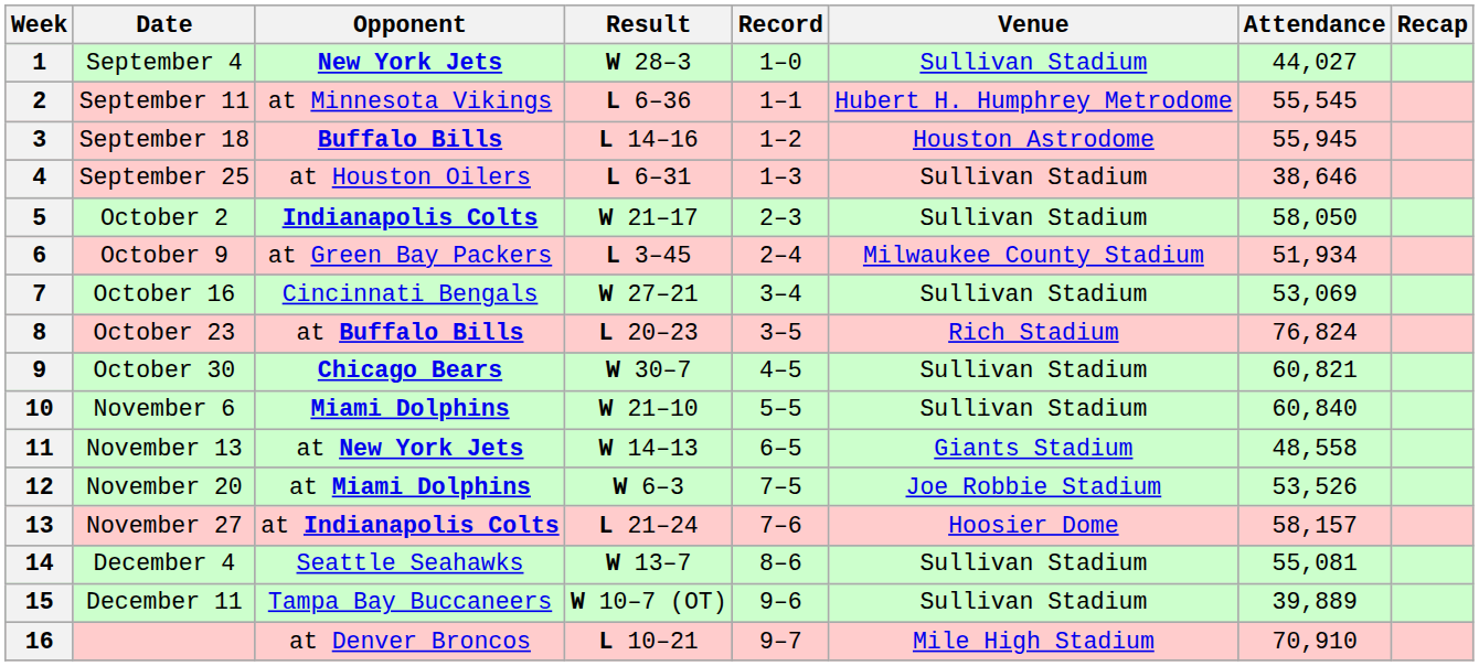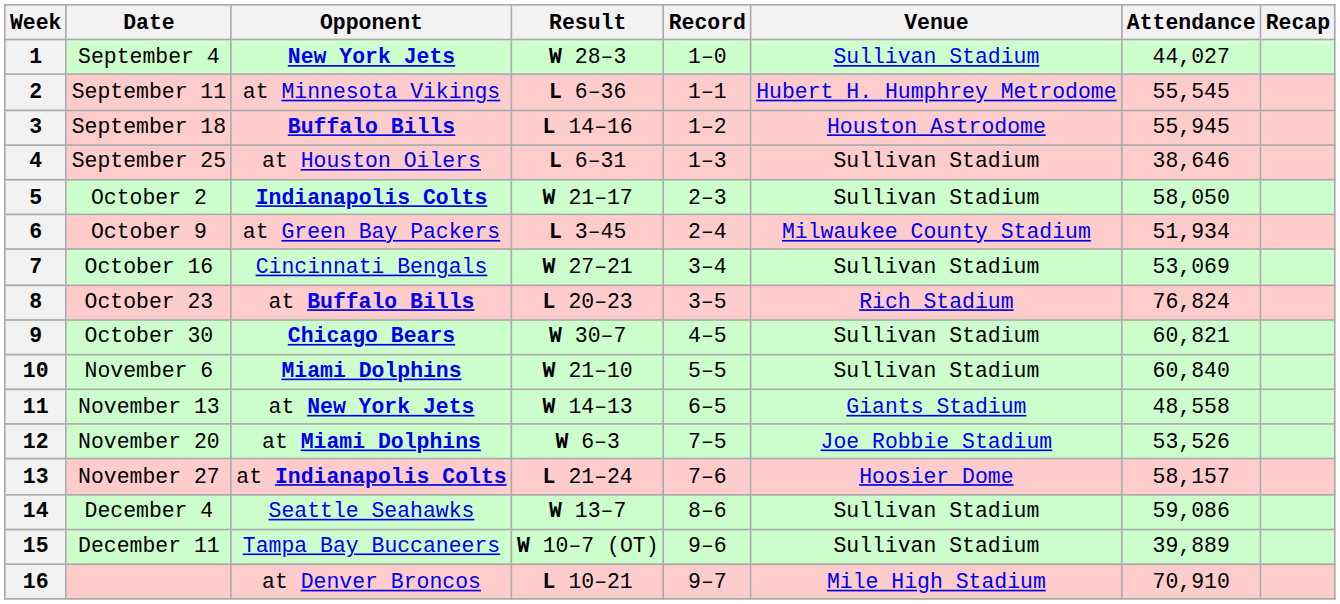 <table class="wikitable" style="text-align:center">
 <tr>
 <th>Week</th>
 <th>Date</th>
 <th>Opponent</th>
 <th>Result</th>
 <th>Record</th>
 <th>Venue</th>
 <th>Attendance</th>
 <th>Recap</th>
 </tr>
 <tr style="background: #cfc;">
 <th>1</th>
 <td>September 4</td>
 <td><strong><a href='#'>New York Jets</a></strong></td>
 <td><strong>W</strong> 28–3</td>
 <td>1–0</td>
 <td><a href='#'>Sullivan Stadium</a></td>
 <td>44,027</td>
 <td></td>
 </tr>
 <tr style="background: #fcc;">
 <th>2</th>
 <td>September 11</td>
 <td>at <a href='#'>Minnesota Vikings</a></td>
 <td><strong>L</strong> 6–36</td>
 <td>1–1</td>
 <td><a href='#'>Hubert H. Humphrey Metrodome</a></td>
 <td>55,545</td>
 <td></td>
 </tr>
 <tr style="background: #fcc;">
 <th>3</th>
 <td>September 18</td>
 <td><strong><a href='#'>Buffalo Bills</a></strong></td>
 <td><strong>L</strong> 14–16</td>
 <td>1–2</td>
 <td><a href='#'>Houston Astrodome</a></td>
 <td>55,945</td>
 <td></td>
 </tr>
 <tr style="background: #fcc;">
 <th>4</th>
 <td>September 25</td>
 <td>at <a href='#'>Houston Oilers</a></td>
 <td><strong>L</strong> 6–31</td>
 <td>1–3</td>
 <td>Sullivan Stadium</td>
 <td>38,646</td>
 <td></td>
 </tr>
 <tr style="background: #cfc;">
 <th>5</th>
 <td>October 2</td>
 <td><strong><a href='#'>Indianapolis Colts</a></strong></td>
 <td><strong>W</strong> 21–17</td>
 <td>2–3</td>
 <td>Sullivan Stadium</td>
 <td>58,050</td>
 <td></td>
 </tr>
 <tr style="background: #fcc;">
 <th>6</th>
 <td>October 9</td>
 <td>at <a href='#'>Green Bay Packers</a></td>
 <td><strong>L</strong> 3–45</td>
 <td>2–4</td>
 <td><a href='#'>Milwaukee County Stadium</a></td>
 <td>51,934</td>
 <td></td>
 </tr>
 <tr style="background: #cfc;">
 <th>7</th>
 <td>October 16</td>
 <td><a href='#'>Cincinnati Bengals</a></td>
 <td><strong>W</strong> 27–21</td>
 <td>3–4</td>
 <td>Sullivan Stadium</td>
 <td>53,069</td>
 <td></td>
 </tr>
 <tr style="background: #fcc;">
 <th>8</th>
 <td>October 23</td>
 <td>at <strong><a href='#'>Buffalo Bills</a></strong></td>
 <td><strong>L</strong> 20–23</td>
 <td>3–5</td>
 <td><a href='#'>Rich Stadium</a></td>
 <td>76,824</td>
 <td></td>
 </tr>
 <tr style="background: #cfc;">
 <th>9</th>
 <td>October 30</td>
 <td><strong><a href='#'>Chicago Bears</a></strong></td>
 <td><strong>W</strong> 30–7</td>
 <td>4–5</td>
 <td>Sullivan Stadium</td>
 <td>60,821</td>
 <td></td>
 </tr>
 <tr style="background: #cfc;">
 <th>10</th>
 <td>November 6</td>
 <td><strong><a href='#'>Miami Dolphins</a></strong></td>
 <td><strong>W</strong> 21–10</td>
 <td>5–5</td>
 <td>Sullivan Stadium</td>
 <td>60,840</td>
 <td></td>
 </tr>
 <tr style="background: #cfc;">
 <th>11</th>
 <td>November 13</td>
 <td>at <strong><a href='#'>New York Jets</a></strong></td>
 <td><strong>W</strong> 14–13</td>
 <td>6–5</td>
 <td><a href='#'>Giants Stadium</a></td>
 <td>48,558</td>
 <td></td>
 </tr>
 <tr style="background: #cfc;">
 <th>12</th>
 <td>November 20</td>
 <td>at <strong><a href='#'>Miami Dolphins</a></strong></td>
 <td><strong>W</strong> 6–3</td>
 <td>7–5</td>
 <td><a href='#'>Joe Robbie Stadium</a></td>
 <td>53,526</td>
 <td></td>
 </tr>
 <tr style="background: #fcc;">
 <th>13</th>
 <td>November 27</td>
 <td>at <strong><a href='#'>Indianapolis Colts</a></strong></td>
 <td><strong>L</strong> 21–24</td>
 <td>7–6</td>
 <td><a href='#'>Hoosier Dome</a></td>
 <td>58,157</td>
 <td></td>
 </tr>
 <tr style="background: #cfc;">
 <th>14</th>
 <td>December 4</td>
 <td><a href='#'>Seattle Seahawks</a></td>
 <td><strong>W</strong> 13–7</td>
 <td>8–6</td>
 <td>Sullivan Stadium</td>
-<td>55,081</td>
+<td>59,086</td>
 <td></td>
 </tr>
 <tr style="background: #cfc;">
 <th>15</th>
 <td>December 11</td>
 <td><a href='#'>Tampa Bay Buccaneers</a></td>
 <td><strong>W</strong> 10–7 (OT)</td>
 <td>9–6</td>
 <td>Sullivan Stadium</td>
 <td>39,889</td>
 <td></td>
 </tr>
 <tr style="background: #fcc;">
 <th>16</th>
 <td></td>
 <td>at <a href='#'>Denver Broncos</a></td>
 <td><strong>L</strong> 10–21</td>
 <td>9–7</td>
 <td><a href='#'>Mile High Stadium</a></td>
 <td>70,910</td>
 <td></td>
 </tr>
 </table>
